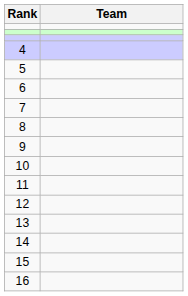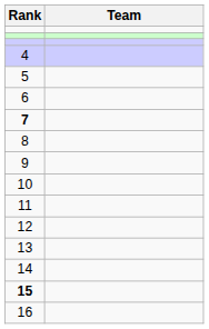 <table class="wikitable">
 <tr>
 <th width=40>Rank</th>
 <th width=180>Team</th>
 </tr>
 <tr>
 <td align=center></td>
 <td></td>
 </tr>
 <tr bgcolor=#ccffcc>
 <td align=center></td>
 <td></td>
 </tr>
 <tr bgcolor=#ccccff>
 <td align=center></td>
 <td></td>
 </tr>
 <tr bgcolor=#ccccff>
 <td align=center>4</td>
 <td></td>
 </tr>
 <tr>
 <td align=center>5</td>
 <td></td>
 </tr>
 <tr>
 <td align=center>6</td>
 <td></td>
 </tr>
 <tr>
-<td align=center>7</td>
+<td align=center><strong>7</strong></td>
 <td></td>
 </tr>
 <tr>
 <td align=center>8</td>
 <td></td>
 </tr>
 <tr>
 <td align=center>9</td>
 <td></td>
 </tr>
 <tr>
 <td align=center>10</td>
 <td></td>
 </tr>
 <tr>
 <td align=center>11</td>
 <td></td>
 </tr>
 <tr>
 <td align=center>12</td>
 <td></td>
 </tr>
 <tr>
 <td align=center>13</td>
 <td></td>
 </tr>
 <tr>
 <td align=center>14</td>
 <td></td>
 </tr>
 <tr>
-<td align=center>15</td>
+<td align=center><strong>15</strong></td>
 <td></td>
 </tr>
 <tr>
 <td align=center>16</td>
 <td></td>
 </tr>
 </table>
